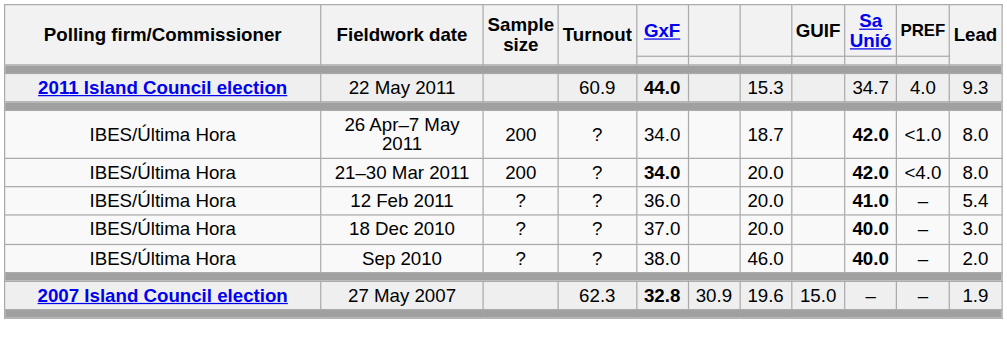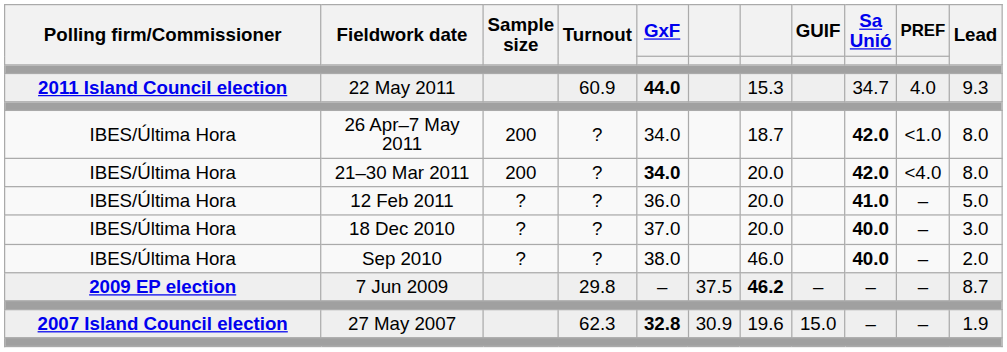 <table class="wikitable collapsible collapsed" style="text-align:center; font-size:95%; line-height:16px;">
 <tr style="height:42px;">
 <th style="width:250px;" rowspan="2">Polling firm/Commissioner</th>
 <th style="width:125px;" rowspan="2">Fieldwork date</th>
 <th style="width:50px;" rowspan="2">Sample size</th>
 <th style="width:45px;" rowspan="2">Turnout</th>
 <th style="width:35px;"><a href='#'>GxF</a></th>
 <th style="width:35px;"></th>
 <th style="width:35px;"></th>
 <th style="width:35px;">GUIF</th>
 <th style="width:35px;"><a href='#'>Sa<br>Unió</a></th>
 <th style="width:35px; font-size:90%;">PREF</th>
 <th style="width:30px;" rowspan="2">Lead</th>
 </tr>
 <tr>
 <th style="color:inherit;background:"></th>
 <th style="color:inherit;background:"></th>
 <th style="color:inherit;background:"></th>
 <th style="color:inherit;background:"></th>
 <th style="color:inherit;background:"></th>
 <th style="color:inherit;background:"></th>
 </tr>
 <tr>
 <td colspan="11" style="background:#A0A0A0"></td>
 </tr>
 <tr style="background:#EFEFEF;">
 <td><strong><a href='#'>2011 Island Council election</a></strong></td>
 <td>22 May 2011</td>
 <td></td>
 <td>60.9</td>
 <td><strong>44.0</strong><br></td>
 <td></td>
 <td>15.3<br></td>
 <td></td>
 <td>34.7<br></td>
 <td>4.0<br></td>
 <td style="background:">9.3</td>
 </tr>
 <tr>
 <td colspan="11" style="background:#A0A0A0"></td>
 </tr>
 <tr>
 <td>IBES/Última Hora</td>
 <td>26 Apr–7 May 2011</td>
 <td>200</td>
 <td>?</td>
 <td>34.0<br></td>
 <td></td>
 <td>18.7<br></td>
 <td></td>
 <td><strong>42.0</strong><br></td>
 <td><1.0<br></td>
 <td style="background:">8.0</td>
 </tr>
 <tr>
 <td>IBES/Última Hora</td>
 <td>21–30 Mar 2011</td>
 <td>200</td>
 <td>?</td>
 <td><strong>34.0<br></strong></td>
 <td></td>
 <td>20.0<br></td>
 <td></td>
 <td><strong>42.0</strong><br></td>
 <td><4.0<br></td>
 <td style="background:">8.0</td>
 </tr>
 <tr>
 <td>IBES/Última Hora</td>
 <td>12 Feb 2011</td>
 <td>?</td>
 <td>?</td>
 <td>36.0<br></td>
 <td></td>
 <td>20.0<br></td>
 <td></td>
 <td><strong>41.0</strong><br></td>
 <td>–</td>
-<td style="background:">5.4</td>
+<td style="background:">5.0</td>
 </tr>
 <tr>
 <td>IBES/Última Hora</td>
 <td>18 Dec 2010</td>
 <td>?</td>
 <td>?</td>
 <td>37.0<br></td>
 <td></td>
 <td>20.0<br></td>
 <td></td>
 <td><strong>40.0</strong><br></td>
 <td>–</td>
 <td style="background:">3.0</td>
 </tr>
 <tr>
 <td>IBES/Última Hora</td>
 <td>Sep 2010</td>
 <td>?</td>
 <td>?</td>
 <td>38.0<br></td>
 <td></td>
 <td>46.0<br></td>
 <td></td>
 <td><strong>40.0</strong><br></td>
 <td>–</td>
 <td style="background:">2.0</td>
 </tr>
+<tr style="background:#EFEFEF;">
+<td><strong><a href='#'>2009 EP election</a></strong></td>
+<td>7 Jun 2009</td>
+<td></td>
+<td>29.8</td>
+<td>–</td>
+<td>37.5<br></td>
+<td><strong>46.2</strong><br></td>
+<td>–</td>
+<td>–</td>
+<td>–</td>
+<td style="background:">8.7</td>
+</tr>
 <tr>
 <td colspan="11" style="background:#A0A0A0"></td>
 </tr>
 <tr style="background:#EFEFEF;">
 <td><strong><a href='#'>2007 Island Council election</a></strong></td>
 <td>27 May 2007</td>
 <td></td>
 <td>62.3</td>
 <td><strong>32.8</strong><br></td>
 <td>30.9<br></td>
 <td>19.6<br></td>
 <td>15.0<br></td>
 <td>–</td>
 <td>–</td>
 <td style="background:">1.9</td>
 </tr>
 <tr>
 <td colspan="11" style="background:#A0A0A0"></td>
 </tr>
 </table>
